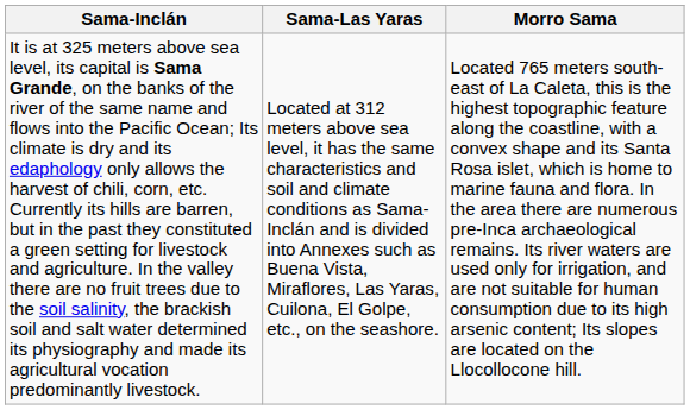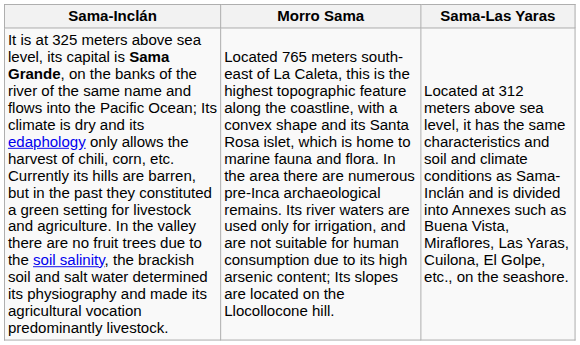 <table class="wikitable">
 <tr>
 <th><strong>Sama-Inclán</strong></th>
+<th><strong>Morro Sama</strong></th>
 <th><strong>Sama-Las Yaras</strong></th>
-<th><strong>Morro Sama</strong></th>
 </tr>
 <tr>
 <td>It is at 325 meters above sea level, its capital is <strong>Sama Grande</strong>, on the banks of the river of the same name and flows into the Pacific Ocean; Its climate is dry and its <a href='#'>edaphology</a> only allows the harvest of chili, corn, etc. Currently its hills are barren, but in the past they constituted a green setting for livestock and agriculture. In the valley there are no fruit trees due to the <a href='#'>soil salinity</a>, the brackish soil and salt water determined its physiography and made its agricultural vocation predominantly livestock.</td>
+<td>Located 765 meters south-east of La Caleta, this is the highest topographic feature along the coastline, with a convex shape and its Santa Rosa islet, which is home to marine fauna and flora. In the area there are numerous pre-Inca archaeological remains. Its river waters are used only for irrigation, and are not suitable for human consumption due to its high arsenic content; Its slopes are located on the Llocollocone hill.</td>
 <td>Located at 312 meters above sea level, it has the same characteristics and soil and climate conditions as Sama-Inclán and is divided into Annexes such as Buena Vista, Miraflores, Las Yaras, Cuilona, El Golpe, etc., on the seashore.</td>
-<td>Located 765 meters south-east of La Caleta, this is the highest topographic feature along the coastline, with a convex shape and its Santa Rosa islet, which is home to marine fauna and flora. In the area there are numerous pre-Inca archaeological remains. Its river waters are used only for irrigation, and are not suitable for human consumption due to its high arsenic content; Its slopes are located on the Llocollocone hill.</td>
 </tr>
 </table>
